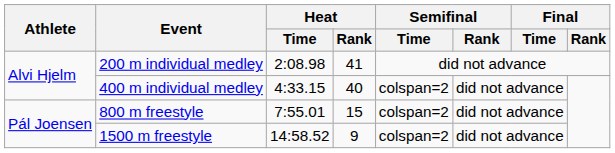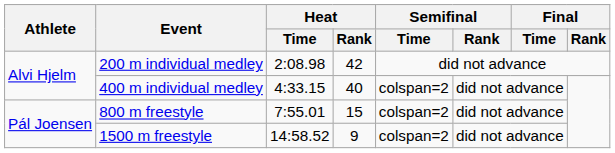 <table class=wikitable style="font-size:90%">
 <tr>
 <th rowspan="2">Athlete</th>
 <th rowspan="2">Event</th>
 <th colspan="2">Heat</th>
 <th colspan="2">Semifinal</th>
 <th colspan="2">Final</th>
 </tr>
 <tr style="font-size:95%">
 <th>Time</th>
 <th>Rank</th>
 <th>Time</th>
 <th>Rank</th>
 <th>Time</th>
 <th>Rank</th>
 </tr>
 <tr align=center>
 <td align=left rowspan=2><a href='#'>Alvi Hjelm</a></td>
 <td align=left><a href='#'>200 m individual medley</a></td>
 <td>2:08.98</td>
-<td>41</td>
+<td>42</td>
 <td colspan=4>did not advance</td>
 </tr>
 <tr align=center>
 <td align=left><a href='#'>400 m individual medley</a></td>
 <td>4:33.15</td>
 <td>40</td>
 <td>colspan=2 </td>
 <td colspan=2>did not advance</td>
 </tr>
 <tr align=center>
 <td align=left rowspan=2><a href='#'>Pál Joensen</a></td>
 <td align=left><a href='#'>800 m freestyle</a></td>
 <td>7:55.01</td>
 <td>15</td>
 <td>colspan=2 </td>
 <td colspan=2>did not advance</td>
 </tr>
 <tr align=center>
 <td align=left><a href='#'>1500 m freestyle</a></td>
 <td>14:58.52</td>
 <td>9</td>
 <td>colspan=2 </td>
 <td colspan=2>did not advance</td>
 </tr>
 </table>
